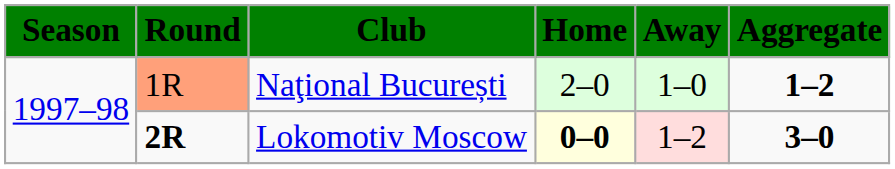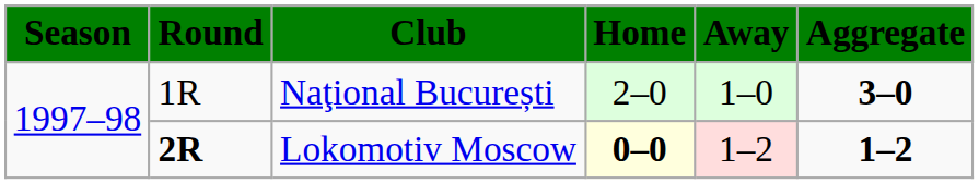 <table class="wikitable">
 <tr>
 <th style="background:green;color:#000000;">Season</th>
 <th style="background:green;color:#000000;">Round</th>
 <th style="background:green;color:#000000;">Club</th>
 <th style="background:green;color:#000000;">Home</th>
 <th style="background:green;color:#000000;">Away</th>
 <th style="background:green;color:#000000;">Aggregate</th>
 </tr>
 <tr>
 <td rowspan="2"><a href='#'>1997–98</a></td>
-<td style="background: lightsalmon;">1R</td>
+<td>1R</td>
 <td> <a href='#'>Naţional București</a></td>
 <td style="text-align:center; background:#dfd;">2–0</td>
 <td style="text-align:center; background:#dfd;">1–0</td>
-<td style="text-align:center;"><strong>1–2</strong></td>
+<td style="text-align:center;"><strong>3–0</strong></td>
 </tr>
 <tr>
 <td><strong>2R</strong></td>
 <td> <a href='#'>Lokomotiv Moscow</a></td>
 <td style="text-align:center; background:#ffd;"><strong>0–0</strong></td>
 <td style="text-align:center; background:#fdd;">1–2</td>
-<td style="text-align:center;"><strong>3–0</strong></td>
+<td style="text-align:center;"><strong>1–2</strong></td>
 </tr>
 </table>
